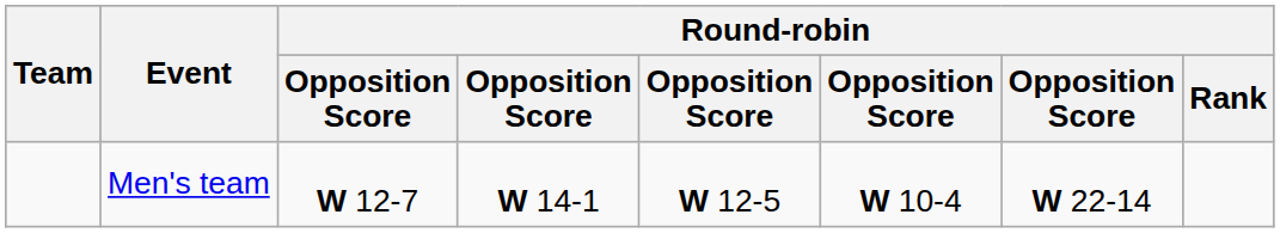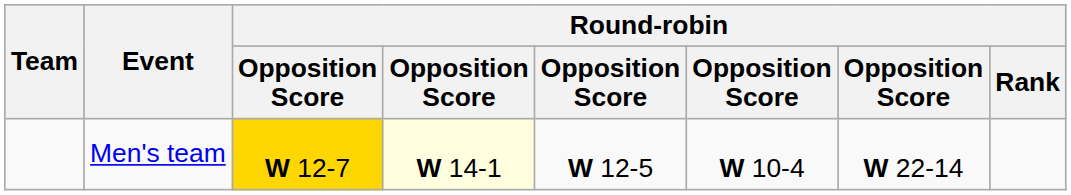 <table class="wikitable">
 <tr>
 <th rowspan="2">Team</th>
 <th rowspan="2">Event</th>
 <th colspan="6">Round-robin</th>
 </tr>
 <tr>
 <th>Opposition<br>Score</th>
 <th>Opposition<br>Score</th>
 <th>Opposition<br>Score</th>
 <th>Opposition<br>Score</th>
 <th>Opposition<br>Score</th>
 <th>Rank</th>
 </tr>
 <tr align="center">
 <td></td>
 <td align="left"><a href='#'>Men's team</a></td>
-<td><br> <strong>W</strong> 12-7</td>
-<td><br> <strong>W</strong> 14-1</td>
+<td style="background: gold;"><br> <strong>W</strong> 12-7</td>
+<td style="background: lightyellow;"><br> <strong>W</strong> 14-1</td>
 <td><br> <strong>W</strong> 12-5</td>
 <td><br> <strong>W</strong> 10-4</td>
 <td><br> <strong>W</strong> 22-14</td>
 <td></td>
 </tr>
 </table>
